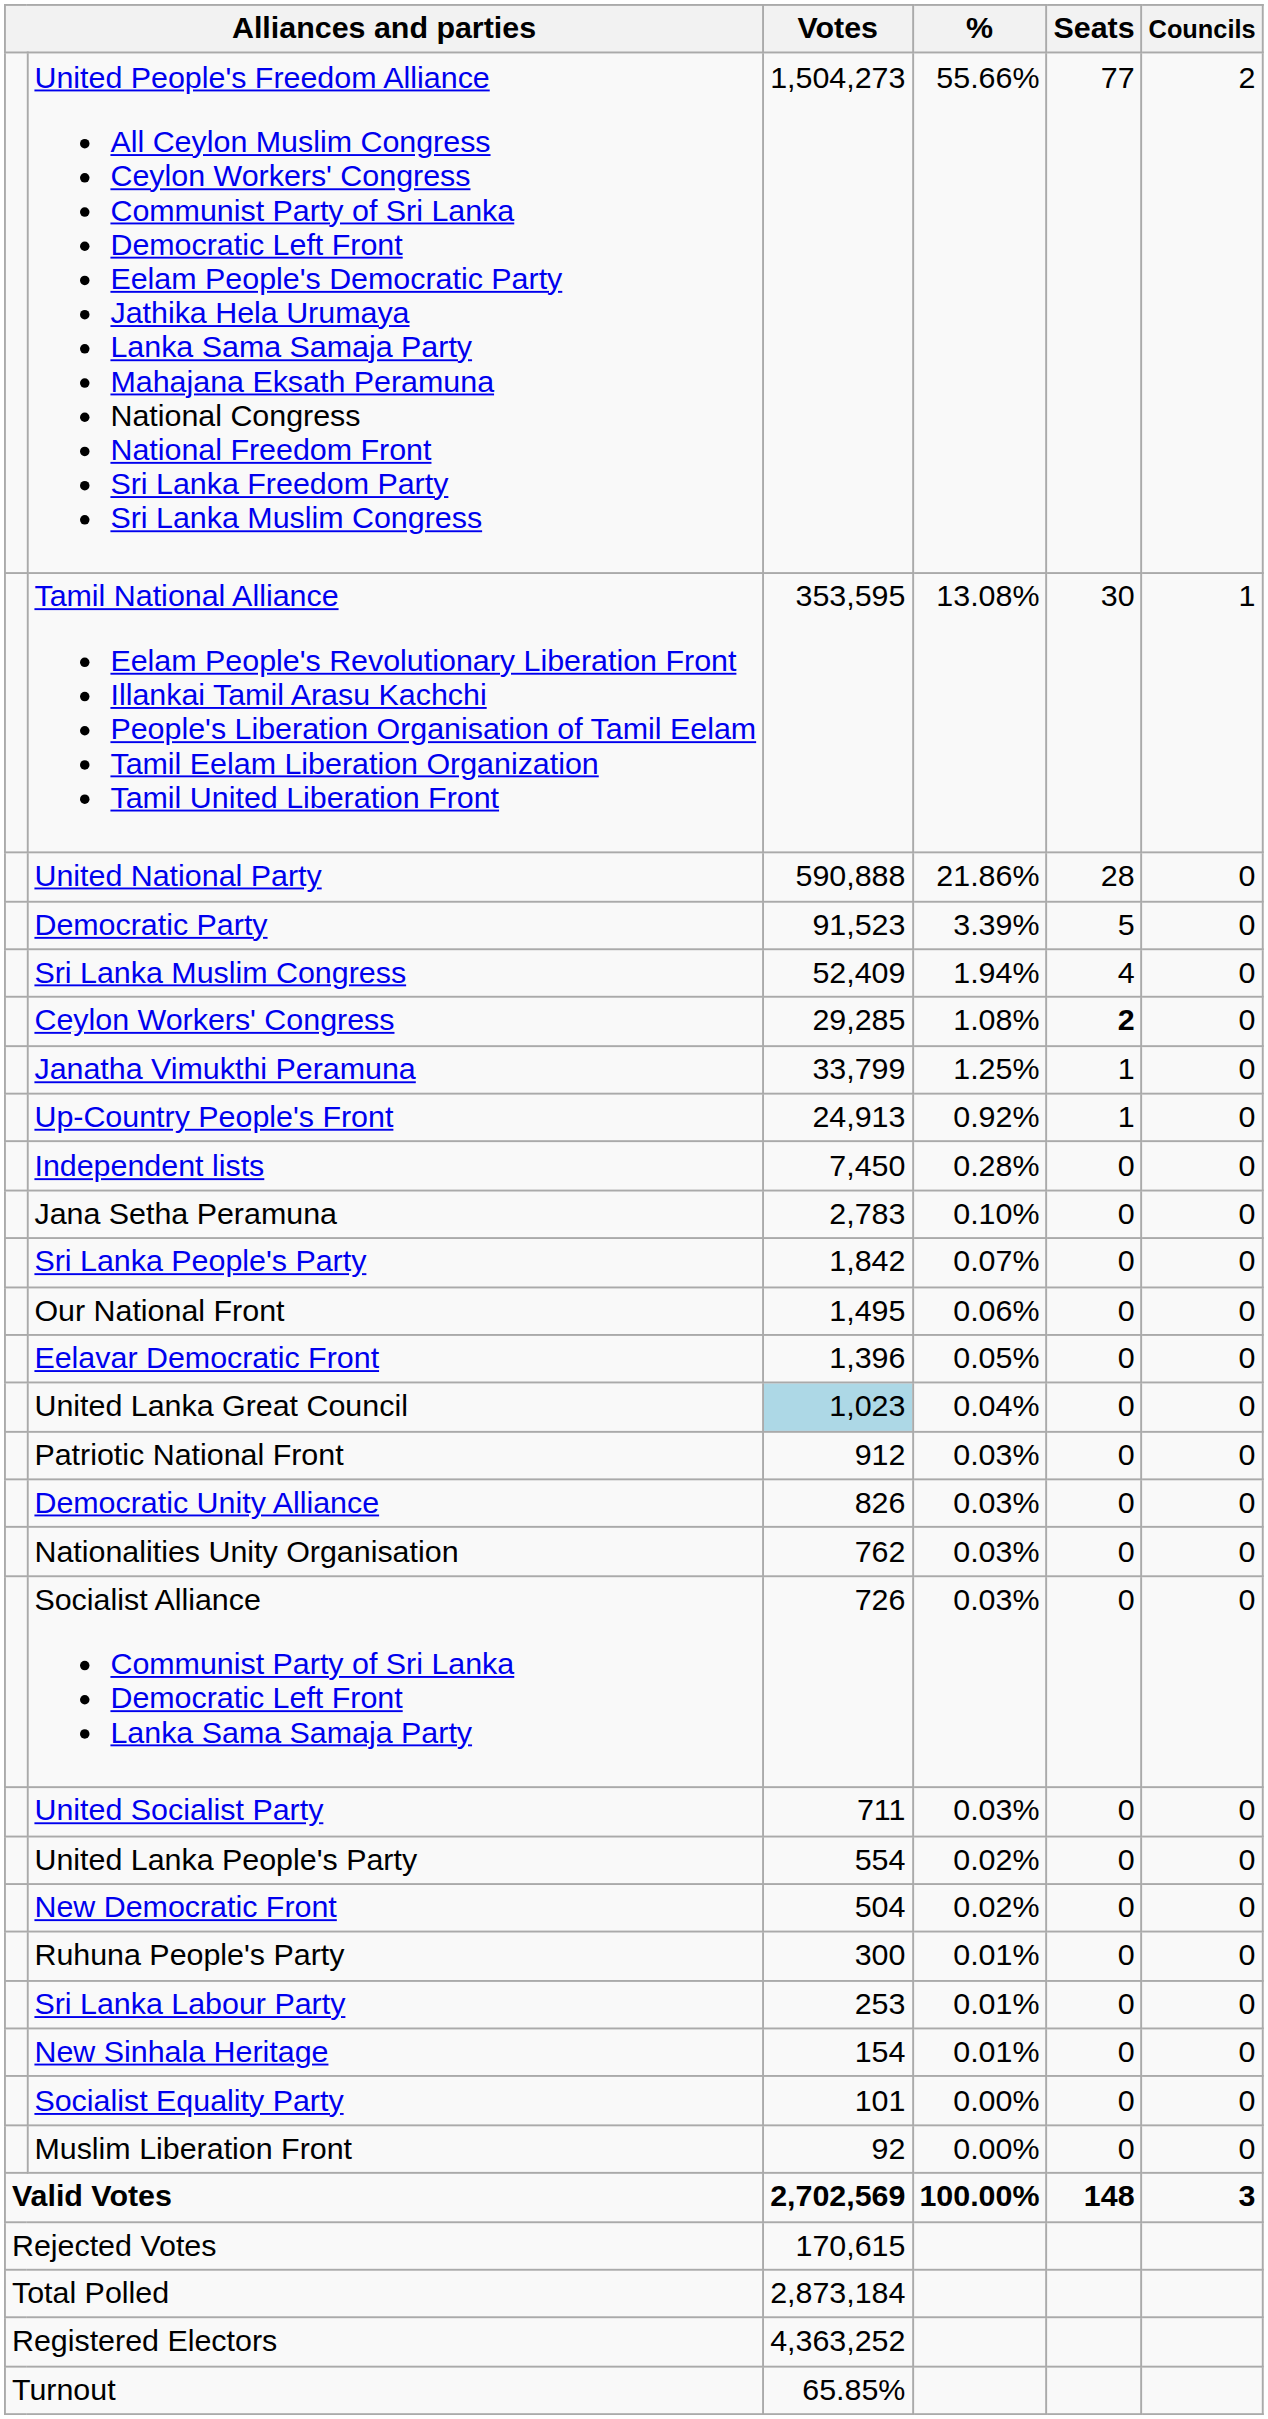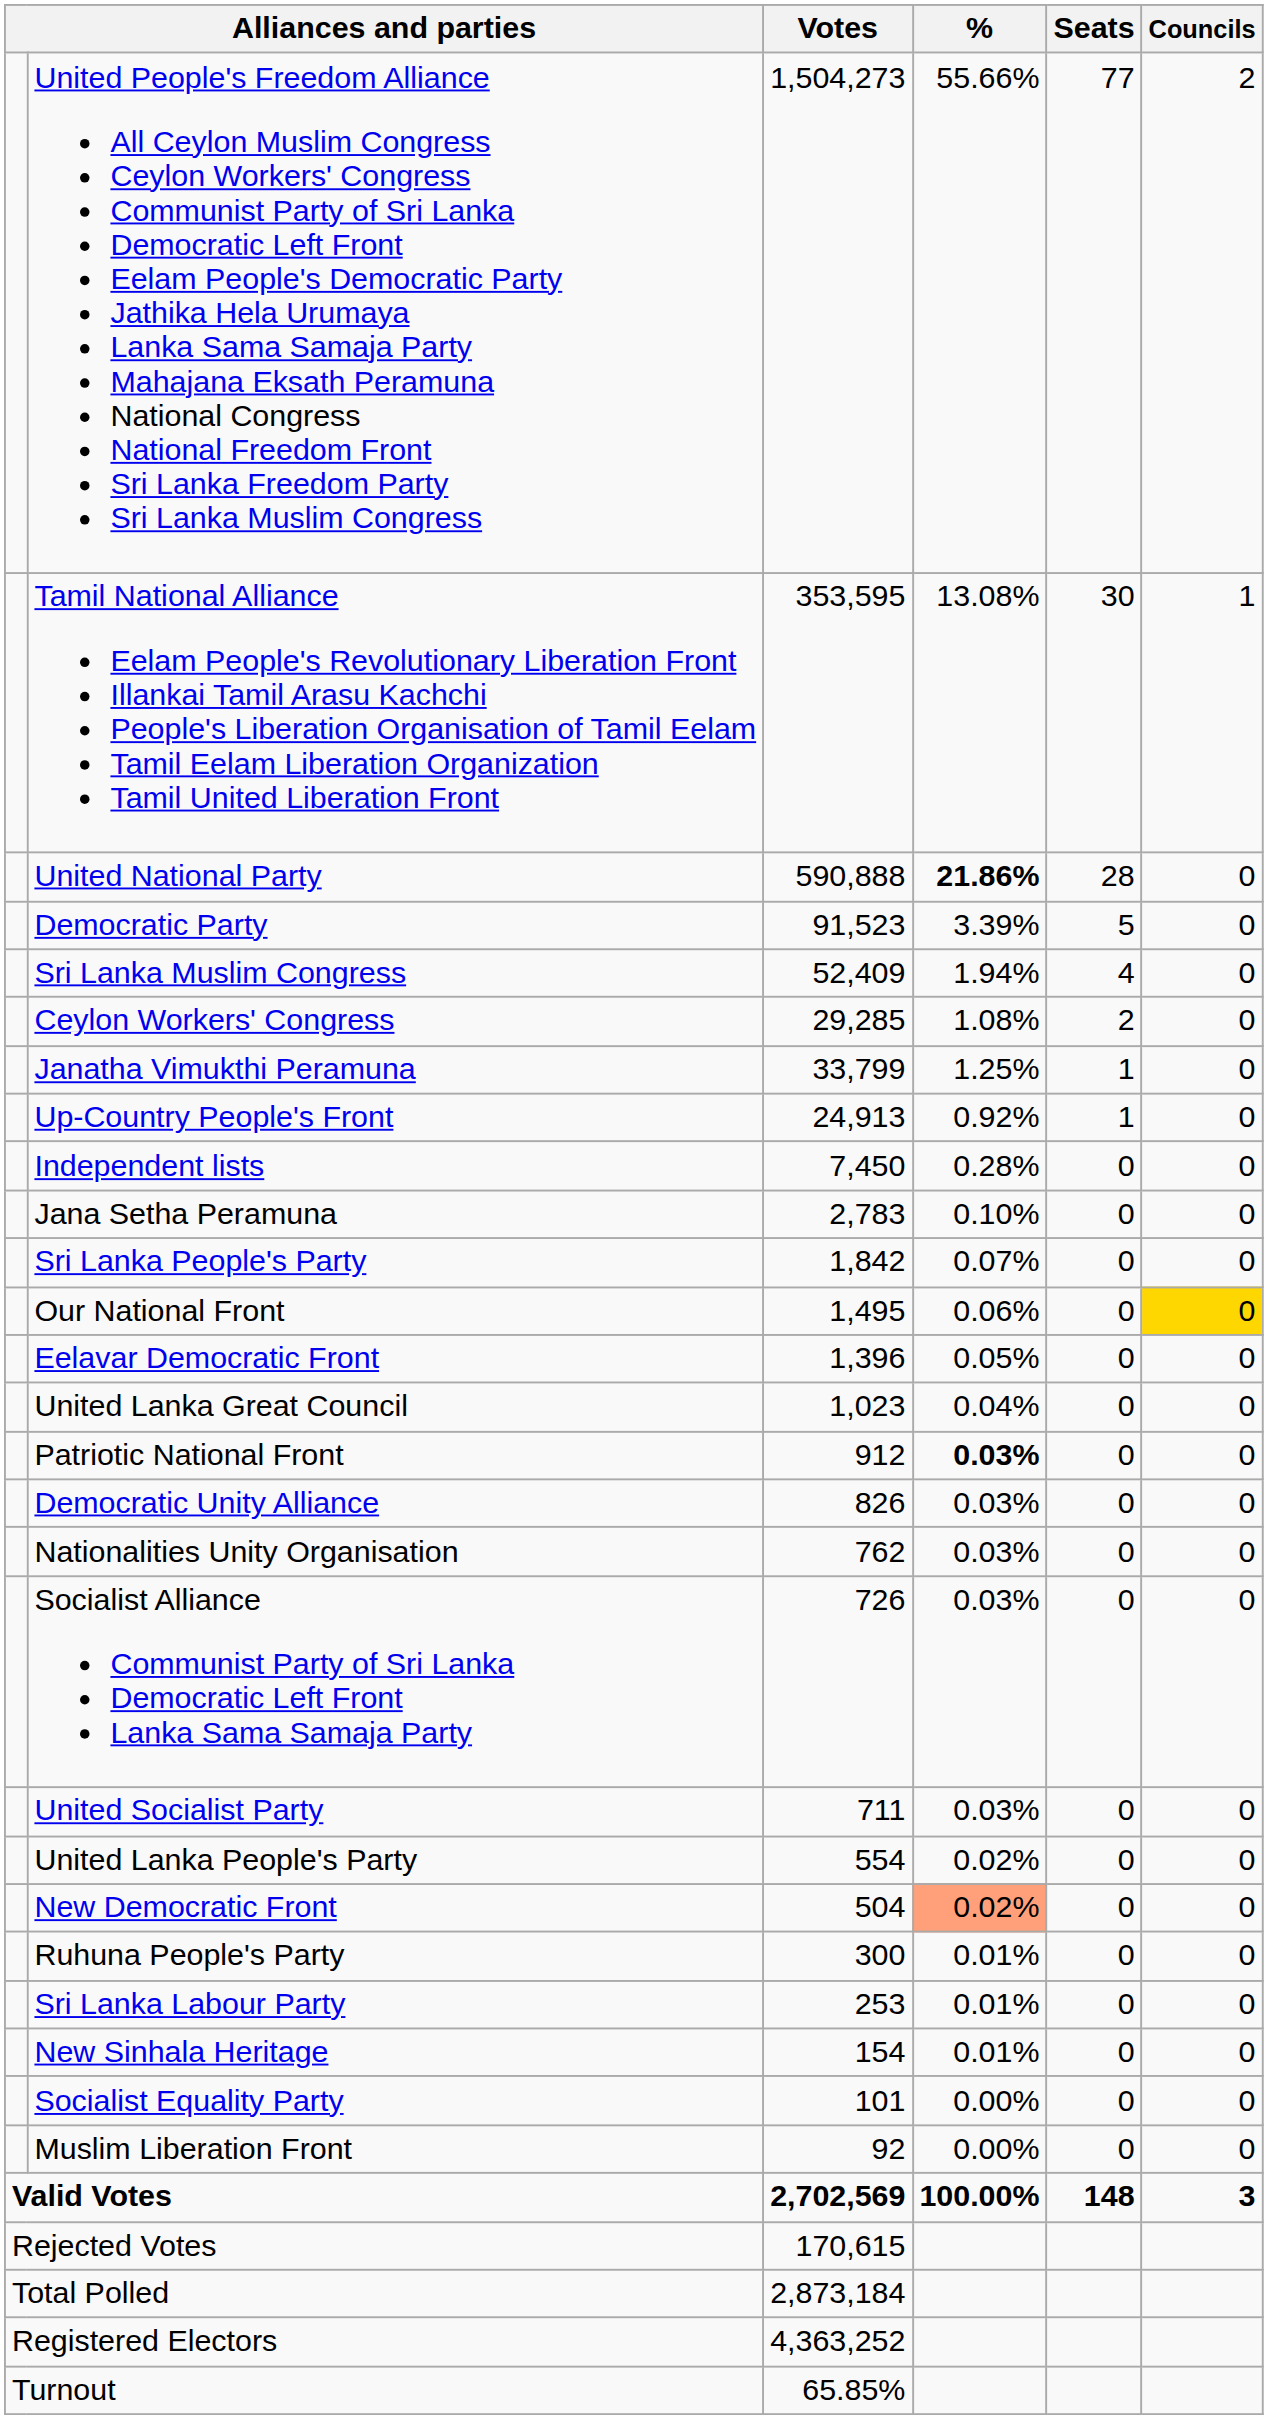 <table class="wikitable" border="1" style="text-align:right;">
 <tr>
 <th colspan=2>Alliances and parties</th>
 <th width="60">Votes</th>
 <th width="50">%</th>
 <th>Seats</th>
 <th><small>Councils</small></th>
 </tr>
 <tr valign=top>
 <td bgcolor=> </td>
 <td align=left><a href='#'>United People's Freedom Alliance</a><br><ul><li><a href='#'>All Ceylon Muslim Congress</a></li><li><a href='#'>Ceylon Workers' Congress</a></li><li><a href='#'>Communist Party of Sri Lanka</a></li><li><a href='#'>Democratic Left Front</a></li><li><a href='#'>Eelam People's Democratic Party</a></li><li><a href='#'>Jathika Hela Urumaya</a></li><li><a href='#'>Lanka Sama Samaja Party</a></li><li><a href='#'>Mahajana Eksath Peramuna</a></li><li>National Congress</li><li><a href='#'>National Freedom Front</a></li><li><a href='#'>Sri Lanka Freedom Party</a></li><li><a href='#'>Sri Lanka Muslim Congress</a></li></ul></td>
 <td>1,504,273</td>
 <td>55.66%</td>
 <td>77</td>
 <td>2</td>
 </tr>
 <tr valign=top>
 <td bgcolor=> </td>
 <td align=left><a href='#'>Tamil National Alliance</a><br><ul><li><a href='#'>Eelam People's Revolutionary Liberation Front</a></li><li><a href='#'>Illankai Tamil Arasu Kachchi</a></li><li><a href='#'>People's Liberation Organisation of Tamil Eelam</a></li><li><a href='#'>Tamil Eelam Liberation Organization</a></li><li><a href='#'>Tamil United Liberation Front</a></li></ul></td>
 <td>353,595</td>
 <td>13.08%</td>
 <td>30</td>
 <td>1</td>
 </tr>
 <tr>
 <td bgcolor=> </td>
 <td align=left><a href='#'>United National Party</a></td>
 <td>590,888</td>
-<td>21.86%</td>
+<td><strong>21.86%</strong></td>
 <td>28</td>
 <td>0</td>
 </tr>
 <tr>
 <td bgcolor=> </td>
 <td align=left><a href='#'>Democratic Party</a></td>
 <td>91,523</td>
 <td>3.39%</td>
 <td>5</td>
 <td>0</td>
 </tr>
 <tr>
 <td bgcolor=> </td>
 <td align=left><a href='#'>Sri Lanka Muslim Congress</a></td>
 <td>52,409</td>
 <td>1.94%</td>
 <td>4</td>
 <td>0</td>
 </tr>
 <tr>
 <td bgcolor=> </td>
 <td align=left><a href='#'>Ceylon Workers' Congress</a></td>
 <td>29,285</td>
 <td>1.08%</td>
-<td><strong>2</strong></td>
+<td>2</td>
 <td>0</td>
 </tr>
 <tr>
 <td bgcolor=> </td>
 <td align=left><a href='#'>Janatha Vimukthi Peramuna</a></td>
 <td>33,799</td>
 <td>1.25%</td>
 <td>1</td>
 <td>0</td>
 </tr>
 <tr>
 <td bgcolor=> </td>
 <td align=left><a href='#'>Up-Country People's Front</a></td>
 <td>24,913</td>
 <td>0.92%</td>
 <td>1</td>
 <td>0</td>
 </tr>
 <tr>
 <td bgcolor=> </td>
 <td align=left><a href='#'>Independent lists</a></td>
 <td>7,450</td>
 <td>0.28%</td>
 <td>0</td>
 <td>0</td>
 </tr>
 <tr>
 <td></td>
 <td align=left>Jana Setha Peramuna</td>
 <td>2,783</td>
 <td>0.10%</td>
 <td>0</td>
 <td>0</td>
 </tr>
 <tr>
 <td></td>
 <td align=left><a href='#'>Sri Lanka People's Party</a></td>
 <td>1,842</td>
 <td>0.07%</td>
 <td>0</td>
 <td>0</td>
 </tr>
 <tr>
 <td></td>
 <td align=left>Our National Front</td>
 <td>1,495</td>
 <td>0.06%</td>
 <td>0</td>
-<td>0</td>
+<td style="background: gold;">0</td>
 </tr>
 <tr>
 <td bgcolor=> </td>
 <td align=left><a href='#'>Eelavar Democratic Front</a></td>
 <td>1,396</td>
 <td>0.05%</td>
 <td>0</td>
 <td>0</td>
 </tr>
 <tr>
 <td></td>
 <td align=left>United Lanka Great Council</td>
-<td style="background: lightblue;">1,023</td>
+<td>1,023</td>
 <td>0.04%</td>
 <td>0</td>
 <td>0</td>
 </tr>
 <tr>
 <td></td>
 <td align=left>Patriotic National Front</td>
 <td>912</td>
-<td>0.03%</td>
+<td><strong>0.03%</strong></td>
 <td>0</td>
 <td>0</td>
 </tr>
 <tr>
 <td bgcolor=> </td>
 <td align=left><a href='#'>Democratic Unity Alliance</a></td>
 <td>826</td>
 <td>0.03%</td>
 <td>0</td>
 <td>0</td>
 </tr>
 <tr>
 <td></td>
 <td align=left>Nationalities Unity Organisation</td>
 <td>762</td>
 <td>0.03%</td>
 <td>0</td>
 <td>0</td>
 </tr>
 <tr valign=top>
 <td></td>
 <td align=left>Socialist Alliance<br><ul><li><a href='#'>Communist Party of Sri Lanka</a></li><li><a href='#'>Democratic Left Front</a></li><li><a href='#'>Lanka Sama Samaja Party</a></li></ul></td>
 <td>726</td>
 <td>0.03%</td>
 <td>0</td>
 <td>0</td>
 </tr>
 <tr>
 <td bgcolor=> </td>
 <td align=left><a href='#'>United Socialist Party</a></td>
 <td>711</td>
 <td>0.03%</td>
 <td>0</td>
 <td>0</td>
 </tr>
 <tr>
 <td></td>
 <td align=left>United Lanka People's Party</td>
 <td>554</td>
 <td>0.02%</td>
 <td>0</td>
 <td>0</td>
 </tr>
 <tr>
 <td></td>
 <td align=left><a href='#'>New Democratic Front</a></td>
 <td>504</td>
-<td>0.02%</td>
+<td style="background: lightsalmon;">0.02%</td>
 <td>0</td>
 <td>0</td>
 </tr>
 <tr>
 <td></td>
 <td align=left>Ruhuna People's Party</td>
 <td>300</td>
 <td>0.01%</td>
 <td>0</td>
 <td>0</td>
 </tr>
 <tr>
 <td></td>
 <td align=left><a href='#'>Sri Lanka Labour Party</a></td>
 <td>253</td>
 <td>0.01%</td>
 <td>0</td>
 <td>0</td>
 </tr>
 <tr>
 <td></td>
 <td align=left><a href='#'>New Sinhala Heritage</a></td>
 <td>154</td>
 <td>0.01%</td>
 <td>0</td>
 <td>0</td>
 </tr>
 <tr>
 <td bgcolor=> </td>
 <td align=left><a href='#'>Socialist Equality Party</a></td>
 <td>101</td>
 <td>0.00%</td>
 <td>0</td>
 <td>0</td>
 </tr>
 <tr>
 <td></td>
 <td align=left>Muslim Liberation Front</td>
 <td>92</td>
 <td>0.00%</td>
 <td>0</td>
 <td>0</td>
 </tr>
 <tr style="font-weight:bold">
 <td colspan=2 align=left>Valid Votes</td>
 <td>2,702,569</td>
 <td>100.00%</td>
 <td>148</td>
 <td>3</td>
 </tr>
 <tr>
 <td colspan=2 align=left>Rejected Votes</td>
 <td>170,615</td>
 <td></td>
 <td></td>
 <td></td>
 </tr>
 <tr>
 <td colspan=2 align=left>Total Polled</td>
 <td>2,873,184</td>
 <td></td>
 <td></td>
 <td></td>
 </tr>
 <tr>
 <td colspan=2 align=left>Registered Electors</td>
 <td>4,363,252</td>
 <td></td>
 <td></td>
 <td></td>
 </tr>
 <tr>
 <td colspan=2 align=left>Turnout</td>
 <td>65.85%</td>
 <td></td>
 <td></td>
 <td></td>
 </tr>
 </table>
